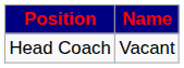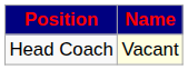 <table class="wikitable">
 <tr>
 <th style="background:#000080;color:red;">Position</th>
 <th style="background:#000080;color:red;">Name</th>
 </tr>
 <tr>
 <td>Head Coach</td>
-<td> Vacant</td>
+<td style="background: lightyellow;"> Vacant</td>
 </tr>
 </table>
